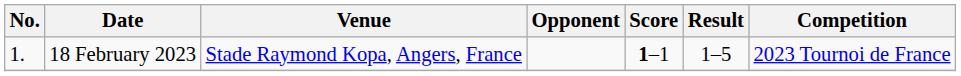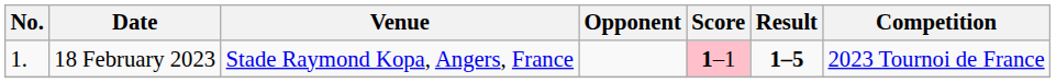 <table class="wikitable">
 <tr>
 <th>No.</th>
 <th>Date</th>
 <th>Venue</th>
 <th>Opponent</th>
 <th>Score</th>
 <th>Result</th>
 <th>Competition</th>
 </tr>
 <tr>
 <td>1.</td>
 <td>18 February 2023</td>
 <td><a href='#'>Stade Raymond Kopa</a>, <a href='#'>Angers</a>, <a href='#'>France</a></td>
 <td></td>
-<td align=center><strong>1</strong>–1</td>
-<td align=center>1–5</td>
+<td align=center style="background: pink;"><strong>1</strong>–1</td>
+<td align=center><strong>1–5</strong></td>
 <td><a href='#'>2023 Tournoi de France</a></td>
 </tr>
 <tr>
 </tr>
 </table>
